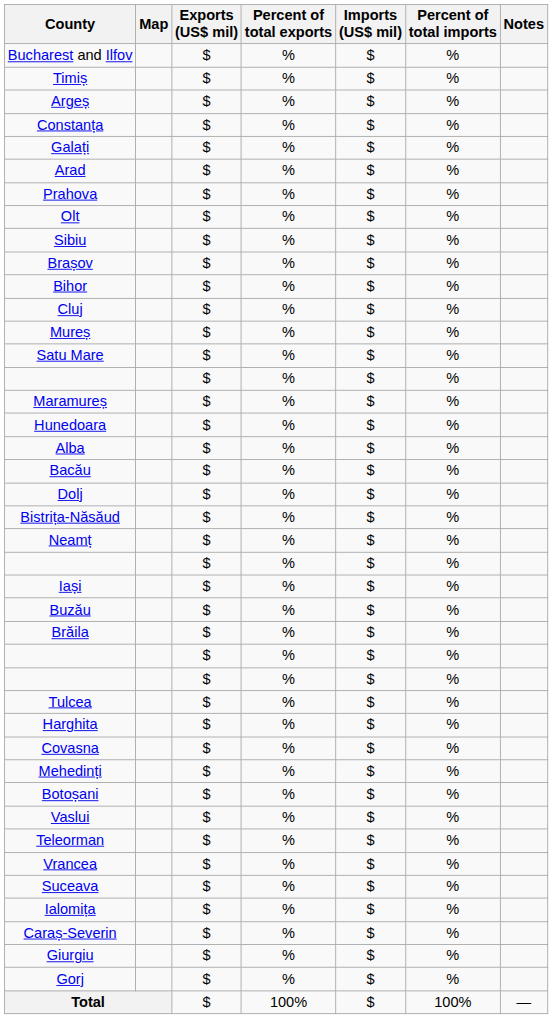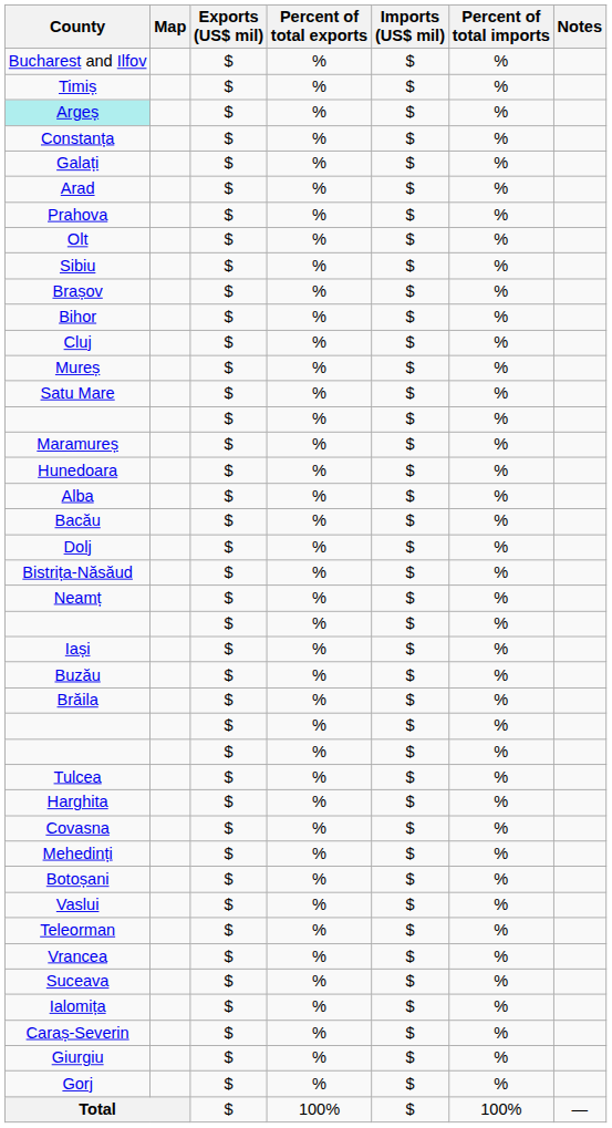 <table class="wikitable sortable">
 <tr>
 <th>County</th>
 <th class="unsortable">Map</th>
 <th>Exports<br>(US$ mil)</th>
 <th>Percent of<br> total exports</th>
 <th>Imports<br>(US$ mil)</th>
 <th>Percent of<br> total imports</th>
 <th class="unsortable">Notes</th>
 </tr>
 <tr>
 <td align="center"><a href='#'>Bucharest</a> and <a href='#'>Ilfov</a></td>
 <td></td>
 <td align="center">$</td>
 <td align="center">%</td>
 <td align="center">$</td>
 <td align="center">%</td>
 <td align="center"></td>
 </tr>
 <tr>
 <td align="center"><a href='#'>Timiș</a></td>
 <td></td>
 <td align="center">$</td>
 <td align="center">%</td>
 <td align="center">$</td>
 <td align="center">%</td>
 <td align="center"></td>
 </tr>
 <tr>
-<td align="center"><a href='#'>Argeș</a></td>
+<td align="center" style="background: paleturquoise;"><a href='#'>Argeș</a></td>
 <td></td>
 <td align="center">$</td>
 <td align="center">%</td>
 <td align="center">$</td>
 <td align="center">%</td>
 <td align="center"></td>
 </tr>
 <tr>
 <td align="center"><a href='#'>Constanța</a></td>
 <td></td>
 <td align="center">$</td>
 <td align="center">%</td>
 <td align="center">$</td>
 <td align="center">%</td>
 <td align="center"></td>
 </tr>
 <tr>
 <td align="center"><a href='#'>Galați</a></td>
 <td></td>
 <td align="center">$</td>
 <td align="center">%</td>
 <td align="center">$</td>
 <td align="center">%</td>
 <td align="center"></td>
 </tr>
 <tr>
 <td align="center"><a href='#'>Arad</a></td>
 <td></td>
 <td align="center">$</td>
 <td align="center">%</td>
 <td align="center">$</td>
 <td align="center">%</td>
 <td align="center"></td>
 </tr>
 <tr>
 <td align="center"><a href='#'>Prahova</a></td>
 <td></td>
 <td align="center">$</td>
 <td align="center">%</td>
 <td align="center">$</td>
 <td align="center">%</td>
 <td align="center"></td>
 </tr>
 <tr>
 <td align="center"><a href='#'>Olt</a></td>
 <td></td>
 <td align="center">$</td>
 <td align="center">%</td>
 <td align="center">$</td>
 <td align="center">%</td>
 <td align="center"></td>
 </tr>
 <tr>
 <td align="center"><a href='#'>Sibiu</a></td>
 <td></td>
 <td align="center">$</td>
 <td align="center">%</td>
 <td align="center">$</td>
 <td align="center">%</td>
 <td align="center"></td>
 </tr>
 <tr>
 <td align="center"><a href='#'>Brașov</a></td>
 <td></td>
 <td align="center">$</td>
 <td align="center">%</td>
 <td align="center">$</td>
 <td align="center">%</td>
 <td align="center"></td>
 </tr>
 <tr>
 <td align="center"><a href='#'>Bihor</a></td>
 <td></td>
 <td align="center">$</td>
 <td align="center">%</td>
 <td align="center">$</td>
 <td align="center">%</td>
 <td align="center"></td>
 </tr>
 <tr>
 <td align="center"><a href='#'>Cluj</a></td>
 <td></td>
 <td align="center">$</td>
 <td align="center">%</td>
 <td align="center">$</td>
 <td align="center">%</td>
 <td align="center"></td>
 </tr>
 <tr>
 <td align="center"><a href='#'>Mureș</a></td>
 <td></td>
 <td align="center">$</td>
 <td align="center">%</td>
 <td align="center">$</td>
 <td align="center">%</td>
 <td align="center"></td>
 </tr>
 <tr>
 <td align="center"><a href='#'>Satu Mare</a></td>
 <td></td>
 <td align="center">$</td>
 <td align="center">%</td>
 <td align="center">$</td>
 <td align="center">%</td>
 <td align="center"></td>
 </tr>
 <tr>
 <td align="center"></td>
 <td></td>
 <td align="center">$</td>
 <td align="center">%</td>
 <td align="center">$</td>
 <td align="center">%</td>
 <td align="center"></td>
 </tr>
 <tr>
 <td align="center"><a href='#'>Maramureș</a></td>
 <td></td>
 <td align="center">$</td>
 <td align="center">%</td>
 <td align="center">$</td>
 <td align="center">%</td>
 <td align="center"></td>
 </tr>
 <tr>
 <td align="center"><a href='#'>Hunedoara</a></td>
 <td></td>
 <td align="center">$</td>
 <td align="center">%</td>
 <td align="center">$</td>
 <td align="center">%</td>
 <td align="center"></td>
 </tr>
 <tr>
 <td align="center"><a href='#'>Alba</a></td>
 <td></td>
 <td align="center">$</td>
 <td align="center">%</td>
 <td align="center">$</td>
 <td align="center">%</td>
 <td align="center"></td>
 </tr>
 <tr>
 <td align="center"><a href='#'>Bacău</a></td>
 <td></td>
 <td align="center">$</td>
 <td align="center">%</td>
 <td align="center">$</td>
 <td align="center">%</td>
 <td align="center"></td>
 </tr>
 <tr>
 <td align="center"><a href='#'>Dolj</a></td>
 <td></td>
 <td align="center">$</td>
 <td align="center">%</td>
 <td align="center">$</td>
 <td align="center">%</td>
 <td align="center"></td>
 </tr>
 <tr>
 <td align="center"><a href='#'>Bistrița-Năsăud</a></td>
 <td></td>
 <td align="center">$</td>
 <td align="center">%</td>
 <td align="center">$</td>
 <td align="center">%</td>
 <td align="center"></td>
 </tr>
 <tr>
 <td align="center"><a href='#'>Neamț</a></td>
 <td></td>
 <td align="center">$</td>
 <td align="center">%</td>
 <td align="center">$</td>
 <td align="center">%</td>
 <td align="center"></td>
 </tr>
 <tr>
 <td align="center"></td>
 <td></td>
 <td align="center">$</td>
 <td align="center">%</td>
 <td align="center">$</td>
 <td align="center">%</td>
 <td align="center"></td>
 </tr>
 <tr>
 <td align="center"><a href='#'>Iași</a></td>
 <td></td>
 <td align="center">$</td>
 <td align="center">%</td>
 <td align="center">$</td>
 <td align="center">%</td>
 <td align="center"></td>
 </tr>
 <tr>
 <td align="center"><a href='#'>Buzău</a></td>
 <td></td>
 <td align="center">$</td>
 <td align="center">%</td>
 <td align="center">$</td>
 <td align="center">%</td>
 <td align="center"></td>
 </tr>
 <tr>
 <td align="center"><a href='#'>Brăila</a></td>
 <td></td>
 <td align="center">$</td>
 <td align="center">%</td>
 <td align="center">$</td>
 <td align="center">%</td>
 <td align="center"></td>
 </tr>
 <tr>
 <td align="center"></td>
 <td></td>
 <td align="center">$</td>
 <td align="center">%</td>
 <td align="center">$</td>
 <td align="center">%</td>
 <td align="center"></td>
 </tr>
 <tr>
 <td align="center"></td>
 <td></td>
 <td align="center">$</td>
 <td align="center">%</td>
 <td align="center">$</td>
 <td align="center">%</td>
 <td align="center"></td>
 </tr>
 <tr>
 <td align="center"><a href='#'>Tulcea</a></td>
 <td></td>
 <td align="center">$</td>
 <td align="center">%</td>
 <td align="center">$</td>
 <td align="center">%</td>
 <td align="center"></td>
 </tr>
 <tr>
 <td align="center"><a href='#'>Harghita</a></td>
 <td></td>
 <td align="center">$</td>
 <td align="center">%</td>
 <td align="center">$</td>
 <td align="center">%</td>
 <td align="center"></td>
 </tr>
 <tr>
 <td align="center"><a href='#'>Covasna</a></td>
 <td></td>
 <td align="center">$</td>
 <td align="center">%</td>
 <td align="center">$</td>
 <td align="center">%</td>
 <td align="center"></td>
 </tr>
 <tr>
 <td align="center"><a href='#'>Mehedinți</a></td>
 <td></td>
 <td align="center">$</td>
 <td align="center">%</td>
 <td align="center">$</td>
 <td align="center">%</td>
 <td align="center"></td>
 </tr>
 <tr>
 <td align="center"><a href='#'>Botoșani</a></td>
 <td></td>
 <td align="center">$</td>
 <td align="center">%</td>
 <td align="center">$</td>
 <td align="center">%</td>
 <td align="center"></td>
 </tr>
 <tr>
 <td align="center"><a href='#'>Vaslui</a></td>
 <td></td>
 <td align="center">$</td>
 <td align="center">%</td>
 <td align="center">$</td>
 <td align="center">%</td>
 <td align="center"></td>
 </tr>
 <tr>
 <td align="center"><a href='#'>Teleorman</a></td>
 <td></td>
 <td align="center">$</td>
 <td align="center">%</td>
 <td align="center">$</td>
 <td align="center">%</td>
 <td align="center"></td>
 </tr>
 <tr>
 <td align="center"><a href='#'>Vrancea</a></td>
 <td></td>
 <td align="center">$</td>
 <td align="center">%</td>
 <td align="center">$</td>
 <td align="center">%</td>
 <td align="center"></td>
 </tr>
 <tr>
 <td align="center"><a href='#'>Suceava</a></td>
 <td></td>
 <td align="center">$</td>
 <td align="center">%</td>
 <td align="center">$</td>
 <td align="center">%</td>
 <td align="center"></td>
 </tr>
 <tr>
 <td align="center"><a href='#'>Ialomița</a></td>
 <td></td>
 <td align="center">$</td>
 <td align="center">%</td>
 <td align="center">$</td>
 <td align="center">%</td>
 <td align="center"></td>
 </tr>
 <tr>
 <td align="center"><a href='#'>Caraș-Severin</a></td>
 <td></td>
 <td align="center">$</td>
 <td align="center">%</td>
 <td align="center">$</td>
 <td align="center">%</td>
 <td align="center"></td>
 </tr>
 <tr>
 <td align="center"><a href='#'>Giurgiu</a></td>
 <td></td>
 <td align="center">$</td>
 <td align="center">%</td>
 <td align="center">$</td>
 <td align="center">%</td>
 <td align="center"></td>
 </tr>
 <tr>
 <td align="center"><a href='#'>Gorj</a></td>
 <td></td>
 <td align="center">$</td>
 <td align="center">%</td>
 <td align="center">$</td>
 <td align="center">%</td>
 <td align="center"></td>
 </tr>
 <tr class="sortbottom">
 <th colspan=2><strong>Total</strong></th>
 <td align="center">$</td>
 <td align="center">100%</td>
 <td align="center">$</td>
 <td align="center">100%</td>
 <td align="center">—</td>
 </tr>
 </table>
